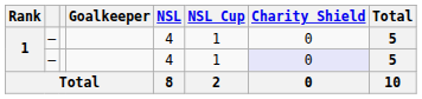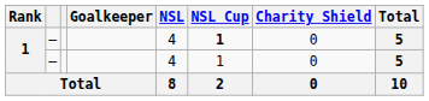 <table class="wikitable sortable" style="text-align:center">
 <tr>
 <th>Rank</th>
 <th></th>
 <th></th>
 <th>Goalkeeper</th>
 <th><a href='#'>NSL</a></th>
 <th><a href='#'>NSL Cup</a></th>
 <th><a href='#'>Charity Shield</a></th>
 <th>Total</th>
 </tr>
 <tr>
 <th rowspan="2">1</th>
 <td>—</td>
 <td></td>
 <td align="left"></td>
 <td>4</td>
-<td>1</td>
+<td><strong>1</strong></td>
 <td>0</td>
 <th>5</th>
 </tr>
 <tr>
 <td>—</td>
 <td></td>
 <td align="left"></td>
 <td>4</td>
 <td>1</td>
-<td style="background: lavender;">0</td>
+<td>0</td>
 <th>5</th>
 </tr>
 <tr>
 <th colspan="4">Total</th>
 <th>8</th>
 <th>2</th>
 <th>0</th>
 <th>10</th>
 </tr>
 </table>
